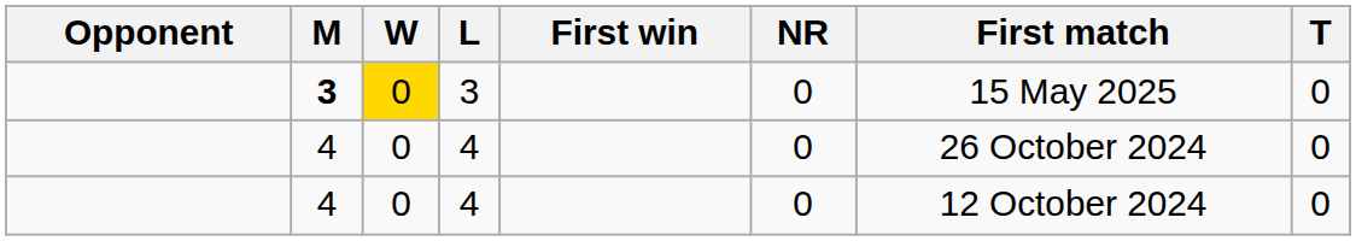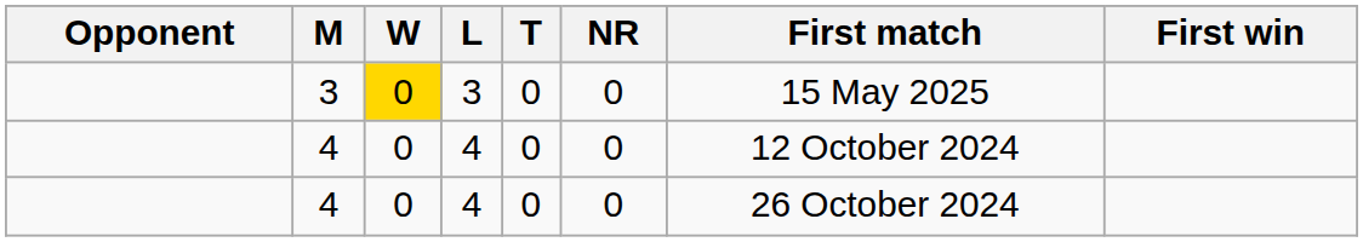 <table class="wikitable" style="text-align: center; width: 600px;">
 <tr>
 <th>Opponent</th>
 <th>M</th>
 <th>W</th>
 <th>L</th>
-<th>First win</th>
+<th>T</th>
 <th>NR</th>
 <th>First match</th>
-<th>T</th>
+<th>First win</th>
 </tr>
 <tr>
 <td align=left></td>
-<td><strong>3</strong></td>
+<td>3</td>
 <td style="background: gold;">0</td>
 <td>3</td>
-<td></td>
+<td>0</td>
 <td>0</td>
 <td>15 May 2025</td>
-<td>0</td>
+<td></td>
 </tr>
 <tr>
 <td align=left></td>
 <td>4</td>
 <td>0</td>
 <td>4</td>
+<td>0</td>
+<td>0</td>
+<td>12 October 2024</td>
 <td></td>
-<td>0</td>
-<td>26 October 2024</td>
-<td>0</td>
 </tr>
 <tr>
 <td align=left></td>
 <td>4</td>
 <td>0</td>
 <td>4</td>
+<td>0</td>
+<td>0</td>
+<td>26 October 2024</td>
 <td></td>
-<td>0</td>
-<td>12 October 2024</td>
-<td>0</td>
 </tr>
 </table>
